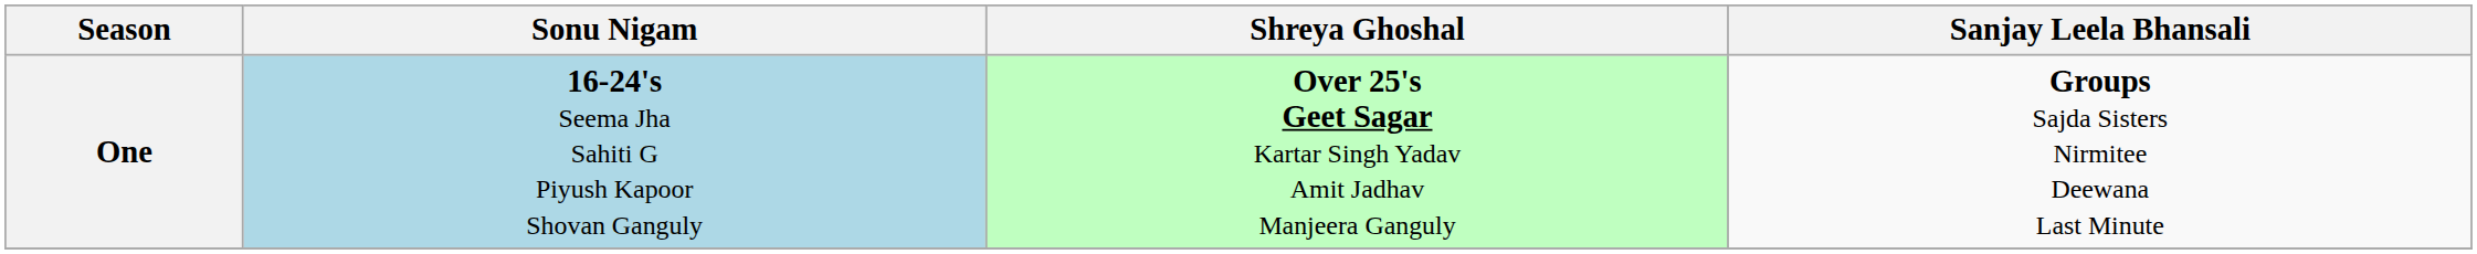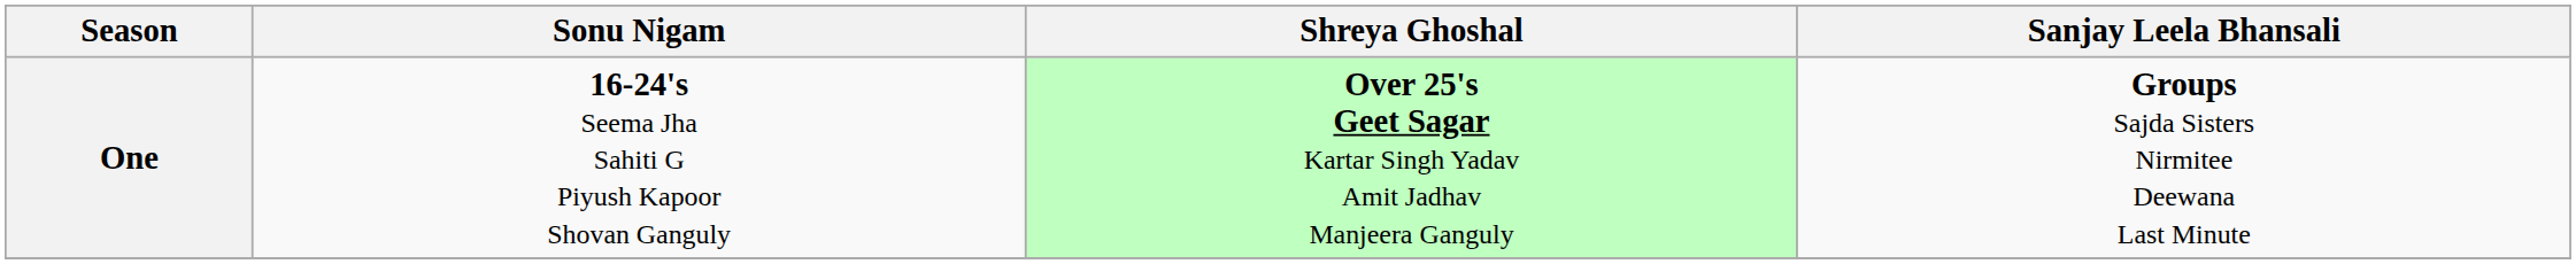 <table class="wikitable" style="text-align:center">
 <tr>
 <th style="width:4%;" scope="col">Season</th>
 <th style="width:13%;" scope="col">Sonu Nigam</th>
 <th style="width:13%;" scope="col">Shreya Ghoshal</th>
 <th style="width:13%;" scope="col">Sanjay Leela Bhansali</th>
 </tr>
 <tr>
 <th scope="row"><strong>One</strong></th>
-<td style="background: lightblue;"><strong>16-24's</strong><br><small>Seema Jha<br>Sahiti G<br>Piyush Kapoor<br>Shovan Ganguly</small></td>
+<td><strong>16-24's</strong><br><small>Seema Jha<br>Sahiti G<br>Piyush Kapoor<br>Shovan Ganguly</small></td>
 <td bgcolor="BFFFC0"><strong>Over 25's</strong><br><strong><u>Geet Sagar</u></strong>  <small><br>Kartar Singh Yadav<br>Amit Jadhav<br>Manjeera Ganguly</small></td>
 <td><strong>Groups</strong><br><small>Sajda Sisters<br>Nirmitee<br>Deewana<br>Last Minute</small></td>
 </tr>
 <tr style="text-align:center;">
 </tr>
 </table>
